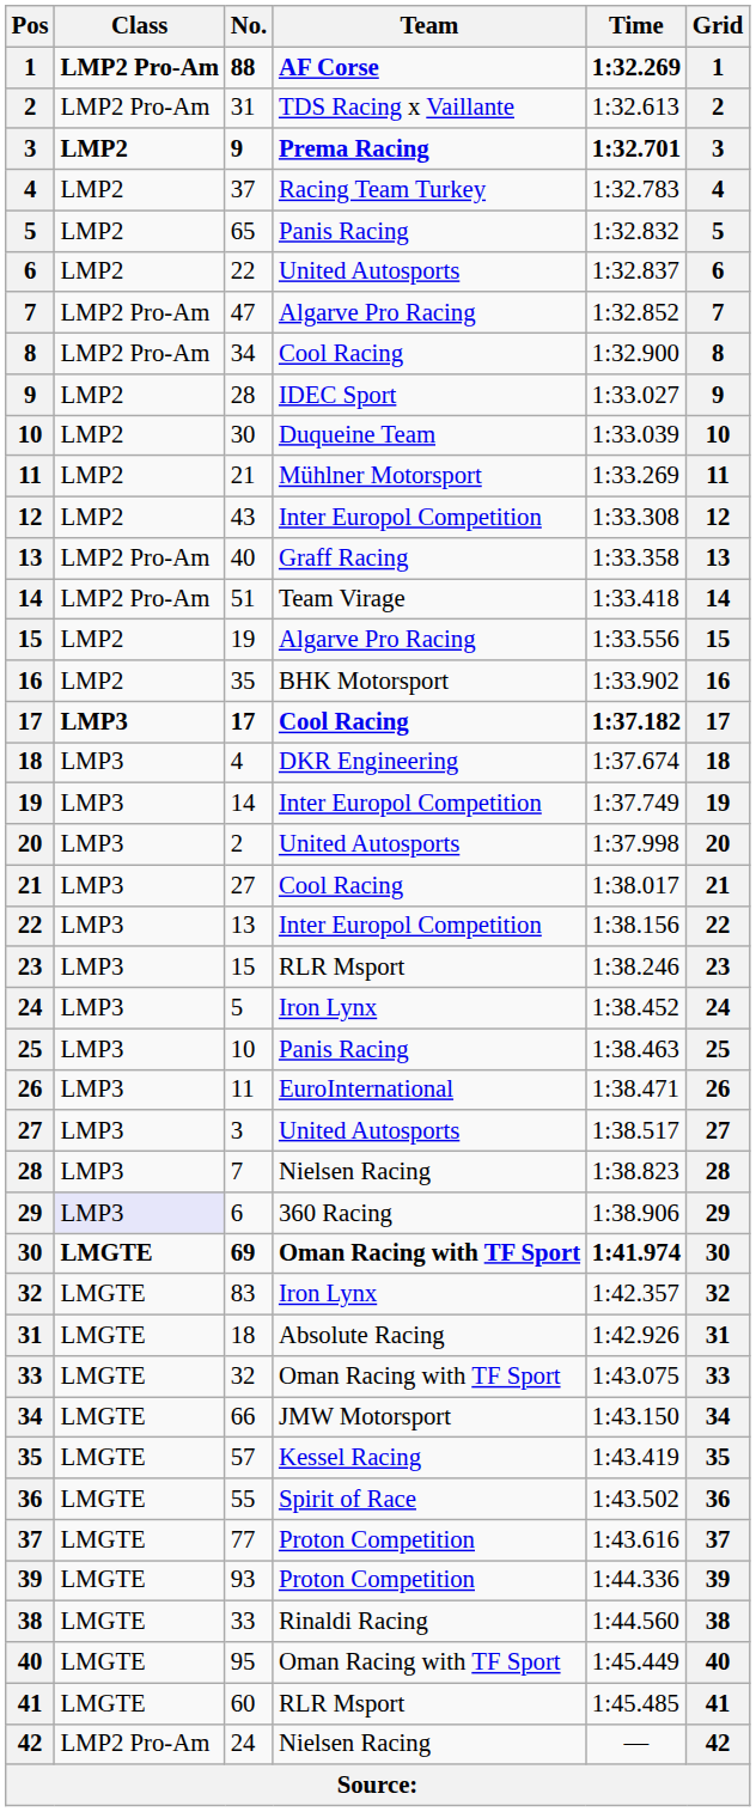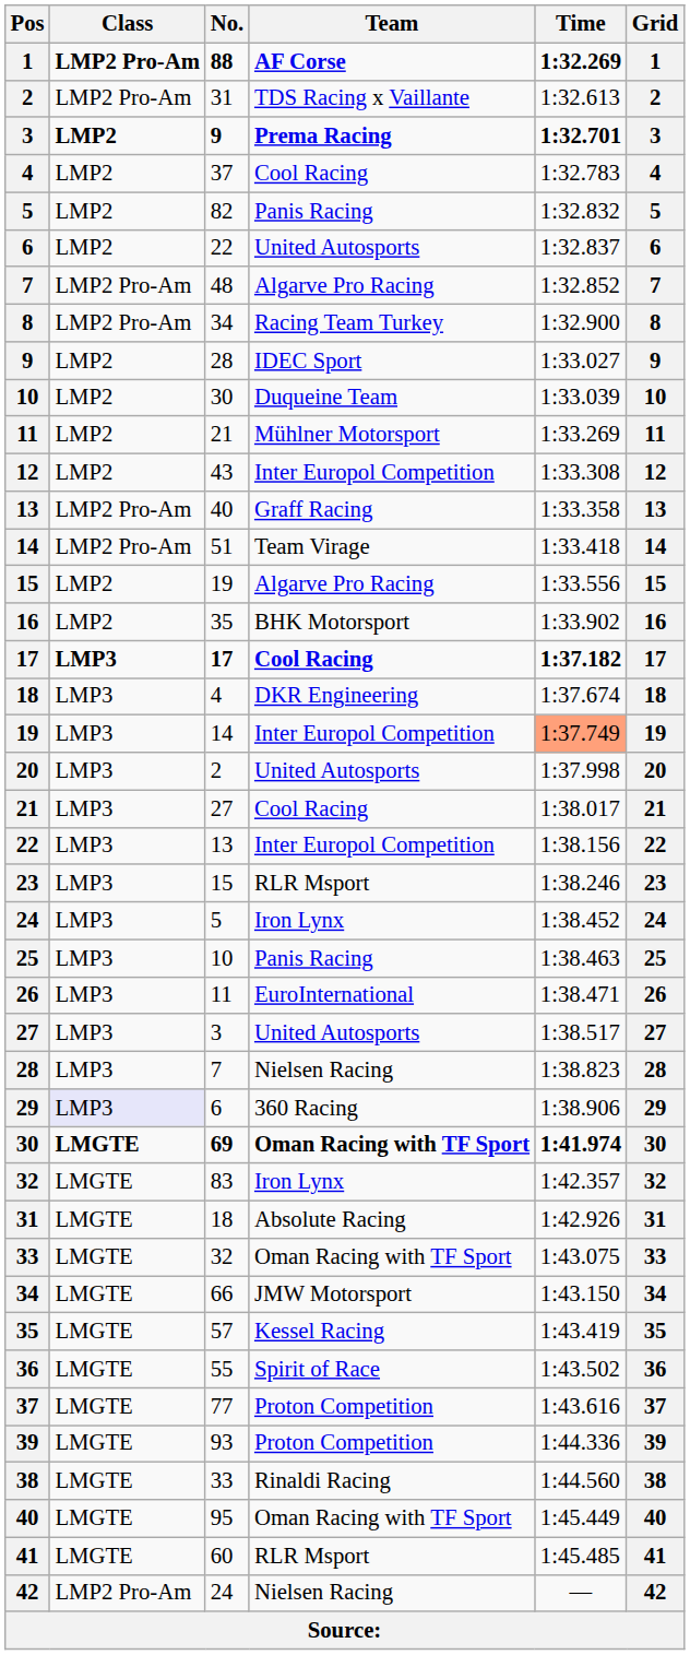 <table class="wikitable sortable" style="font-size: 90%;">
 <tr>
 <th>Pos</th>
 <th class="wikitable unsortable">Class</th>
 <th class="wikitable unsortable">No.</th>
 <th class="wikitable unsortable">Team</th>
 <th>Time</th>
 <th>Grid</th>
 </tr>
 <tr>
 <th>1</th>
 <td><strong>LMP2 Pro-Am</strong></td>
 <td><strong>88</strong></td>
 <td><strong> <a href='#'>AF Corse</a></strong></td>
 <td><strong>1:32.269</strong></td>
 <th>1</th>
 </tr>
 <tr>
 <th>2</th>
 <td>LMP2 Pro-Am</td>
 <td>31</td>
 <td> <a href='#'>TDS Racing</a> x <a href='#'>Vaillante</a></td>
 <td>1:32.613</td>
 <th>2</th>
 </tr>
 <tr>
 <th>3</th>
 <td><strong>LMP2</strong></td>
 <td><strong>9</strong></td>
 <td><strong> <a href='#'>Prema Racing</a></strong></td>
 <td><strong>1:32.701</strong></td>
 <th>3</th>
 </tr>
 <tr>
 <th>4</th>
 <td>LMP2</td>
 <td>37</td>
-<td> <a href='#'>Racing Team Turkey</a></td>
+<td> <a href='#'>Cool Racing</a></td>
 <td>1:32.783</td>
 <th>4</th>
 </tr>
 <tr>
 <th>5</th>
 <td>LMP2</td>
-<td>65</td>
+<td>82</td>
 <td> <a href='#'>Panis Racing</a></td>
 <td>1:32.832</td>
 <th>5</th>
 </tr>
 <tr>
 <th>6</th>
 <td>LMP2</td>
 <td>22</td>
 <td> <a href='#'>United Autosports</a></td>
 <td>1:32.837</td>
 <th>6</th>
 </tr>
 <tr>
 <th>7</th>
 <td>LMP2 Pro-Am</td>
-<td>47</td>
+<td>48</td>
 <td> <a href='#'>Algarve Pro Racing</a></td>
 <td>1:32.852</td>
 <th>7</th>
 </tr>
 <tr>
 <th>8</th>
 <td>LMP2 Pro-Am</td>
 <td>34</td>
-<td> <a href='#'>Cool Racing</a></td>
+<td> <a href='#'>Racing Team Turkey</a></td>
 <td>1:32.900</td>
 <th>8</th>
 </tr>
 <tr>
 <th>9</th>
 <td>LMP2</td>
 <td>28</td>
 <td> <a href='#'>IDEC Sport</a></td>
 <td>1:33.027</td>
 <th>9</th>
 </tr>
 <tr>
 <th>10</th>
 <td>LMP2</td>
 <td>30</td>
 <td> <a href='#'>Duqueine Team</a></td>
 <td>1:33.039</td>
 <th>10</th>
 </tr>
 <tr>
 <th>11</th>
 <td>LMP2</td>
 <td>21</td>
 <td> <a href='#'>Mühlner Motorsport</a></td>
 <td>1:33.269</td>
 <th>11</th>
 </tr>
 <tr>
 <th>12</th>
 <td>LMP2</td>
 <td>43</td>
 <td> <a href='#'>Inter Europol Competition</a></td>
 <td>1:33.308</td>
 <th>12</th>
 </tr>
 <tr>
 <th>13</th>
 <td>LMP2 Pro-Am</td>
 <td>40</td>
 <td> <a href='#'>Graff Racing</a></td>
 <td>1:33.358</td>
 <th>13</th>
 </tr>
 <tr>
 <th>14</th>
 <td>LMP2 Pro-Am</td>
 <td>51</td>
 <td> Team Virage</td>
 <td>1:33.418</td>
 <th>14</th>
 </tr>
 <tr>
 <th>15</th>
 <td>LMP2</td>
 <td>19</td>
 <td> <a href='#'>Algarve Pro Racing</a></td>
 <td>1:33.556</td>
 <th>15</th>
 </tr>
 <tr>
 <th>16</th>
 <td>LMP2</td>
 <td>35</td>
 <td> BHK Motorsport</td>
 <td>1:33.902</td>
 <th>16</th>
 </tr>
 <tr>
 <th>17</th>
 <td><strong>LMP3</strong></td>
 <td><strong>17</strong></td>
 <td><strong> <a href='#'>Cool Racing</a></strong></td>
 <td><strong>1:37.182</strong></td>
 <th>17</th>
 </tr>
 <tr>
 <th>18</th>
 <td>LMP3</td>
 <td>4</td>
 <td> <a href='#'>DKR Engineering</a></td>
 <td>1:37.674</td>
 <th>18</th>
 </tr>
 <tr>
 <th>19</th>
 <td>LMP3</td>
 <td>14</td>
 <td> <a href='#'>Inter Europol Competition</a></td>
-<td>1:37.749</td>
+<td style="background: lightsalmon;">1:37.749</td>
 <th>19</th>
 </tr>
 <tr>
 <th>20</th>
 <td>LMP3</td>
 <td>2</td>
 <td> <a href='#'>United Autosports</a></td>
 <td>1:37.998</td>
 <th>20</th>
 </tr>
 <tr>
 <th>21</th>
 <td>LMP3</td>
 <td>27</td>
 <td> <a href='#'>Cool Racing</a></td>
 <td>1:38.017</td>
 <th>21</th>
 </tr>
 <tr>
 <th>22</th>
 <td>LMP3</td>
 <td>13</td>
 <td> <a href='#'>Inter Europol Competition</a></td>
 <td>1:38.156</td>
 <th>22</th>
 </tr>
 <tr>
 <th>23</th>
 <td>LMP3</td>
 <td>15</td>
 <td> RLR Msport</td>
 <td>1:38.246</td>
 <th>23</th>
 </tr>
 <tr>
 <th>24</th>
 <td>LMP3</td>
 <td>5</td>
 <td> <a href='#'>Iron Lynx</a></td>
 <td>1:38.452</td>
 <th>24</th>
 </tr>
 <tr>
 <th>25</th>
 <td>LMP3</td>
 <td>10</td>
 <td> <a href='#'>Panis Racing</a></td>
 <td>1:38.463</td>
 <th>25</th>
 </tr>
 <tr>
 <th>26</th>
 <td>LMP3</td>
 <td>11</td>
 <td> <a href='#'>EuroInternational</a></td>
 <td>1:38.471</td>
 <th>26</th>
 </tr>
 <tr>
 <th>27</th>
 <td>LMP3</td>
 <td>3</td>
 <td> <a href='#'>United Autosports</a></td>
 <td>1:38.517</td>
 <th>27</th>
 </tr>
 <tr>
 <th>28</th>
 <td>LMP3</td>
 <td>7</td>
 <td> Nielsen Racing</td>
 <td>1:38.823</td>
 <th>28</th>
 </tr>
 <tr>
 <th>29</th>
 <td style="background: lavender;">LMP3</td>
 <td>6</td>
 <td> 360 Racing</td>
 <td>1:38.906</td>
 <th>29</th>
 </tr>
 <tr>
 <th>30</th>
 <td><strong>LMGTE</strong></td>
 <td><strong>69</strong></td>
 <td><strong> Oman Racing with <a href='#'>TF Sport</a></strong></td>
 <td><strong>1:41.974</strong></td>
 <th>30</th>
 </tr>
 <tr>
 <th>32</th>
 <td>LMGTE</td>
 <td>83</td>
 <td> <a href='#'>Iron Lynx</a></td>
 <td>1:42.357</td>
 <th>32</th>
 </tr>
 <tr>
 <th>31</th>
 <td>LMGTE</td>
 <td>18</td>
 <td> Absolute Racing</td>
 <td>1:42.926</td>
 <th>31</th>
 </tr>
 <tr>
 <th>33</th>
 <td>LMGTE</td>
 <td>32</td>
 <td> Oman Racing with <a href='#'>TF Sport</a></td>
 <td>1:43.075</td>
 <th>33</th>
 </tr>
 <tr>
 <th>34</th>
 <td>LMGTE</td>
 <td>66</td>
 <td> JMW Motorsport</td>
 <td>1:43.150</td>
 <th>34</th>
 </tr>
 <tr>
 <th>35</th>
 <td>LMGTE</td>
 <td>57</td>
 <td> <a href='#'>Kessel Racing</a></td>
 <td>1:43.419</td>
 <th>35</th>
 </tr>
 <tr>
 <th>36</th>
 <td>LMGTE</td>
 <td>55</td>
 <td> <a href='#'>Spirit of Race</a></td>
 <td>1:43.502</td>
 <th>36</th>
 </tr>
 <tr>
 <th>37</th>
 <td>LMGTE</td>
 <td>77</td>
 <td> <a href='#'>Proton Competition</a></td>
 <td>1:43.616</td>
 <th>37</th>
 </tr>
 <tr>
 <th>39</th>
 <td>LMGTE</td>
 <td>93</td>
 <td> <a href='#'>Proton Competition</a></td>
 <td>1:44.336</td>
 <th>39</th>
 </tr>
 <tr>
 <th>38</th>
 <td>LMGTE</td>
 <td>33</td>
 <td> Rinaldi Racing</td>
 <td>1:44.560</td>
 <th>38</th>
 </tr>
 <tr>
 <th>40</th>
 <td>LMGTE</td>
 <td>95</td>
 <td> Oman Racing with <a href='#'>TF Sport</a></td>
 <td>1:45.449</td>
 <th>40</th>
 </tr>
 <tr>
 <th>41</th>
 <td>LMGTE</td>
 <td>60</td>
 <td> RLR Msport</td>
 <td>1:45.485</td>
 <th>41</th>
 </tr>
 <tr>
 <th>42</th>
 <td>LMP2 Pro-Am</td>
 <td>24</td>
 <td> Nielsen Racing</td>
 <td align="center">—</td>
 <th>42</th>
 </tr>
 <tr>
 <th colspan="6">Source:</th>
 </tr>
 </table>
